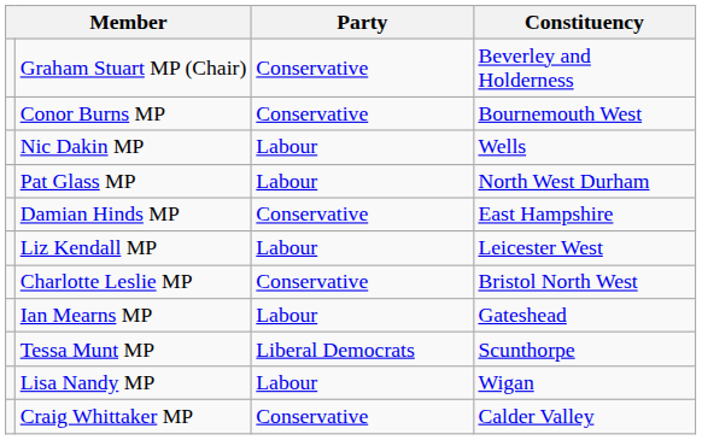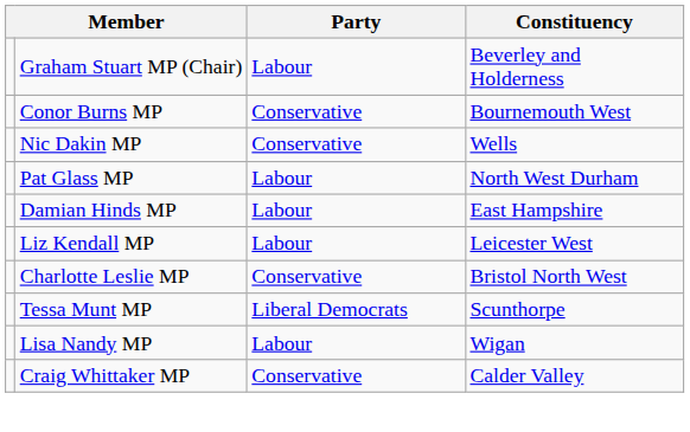 <table class="wikitable">
 <tr>
 <th width="160px" colspan="2" valign="top">Member</th>
 <th width="160px" valign="top">Party</th>
 <th width="160px" valign="top">Constituency</th>
 </tr>
 <tr>
 <td style="color:inherit;background:"></td>
 <td><a href='#'>Graham Stuart</a> MP (Chair)</td>
-<td><a href='#'>Conservative</a></td>
+<td><a href='#'>Labour</a></td>
 <td><a href='#'>Beverley and Holderness</a></td>
 </tr>
 <tr>
 <td style="color:inherit;background:"></td>
 <td><a href='#'>Conor Burns</a> MP</td>
 <td><a href='#'>Conservative</a></td>
 <td><a href='#'>Bournemouth West</a></td>
 </tr>
 <tr>
 <td style="color:inherit;background:"></td>
 <td><a href='#'>Nic Dakin</a> MP</td>
-<td><a href='#'>Labour</a></td>
+<td><a href='#'>Conservative</a></td>
 <td><a href='#'>Wells</a></td>
 </tr>
 <tr>
 <td style="color:inherit;background:"></td>
 <td><a href='#'>Pat Glass</a> MP</td>
 <td><a href='#'>Labour</a></td>
 <td><a href='#'>North West Durham</a></td>
 </tr>
 <tr>
 <td style="color:inherit;background:"></td>
 <td><a href='#'>Damian Hinds</a> MP</td>
-<td><a href='#'>Conservative</a></td>
+<td><a href='#'>Labour</a></td>
 <td><a href='#'>East Hampshire</a></td>
 </tr>
 <tr>
 <td style="color:inherit;background:"></td>
 <td><a href='#'>Liz Kendall</a> MP</td>
 <td><a href='#'>Labour</a></td>
 <td><a href='#'>Leicester West</a></td>
 </tr>
 <tr>
 <td style="color:inherit;background:"></td>
 <td><a href='#'>Charlotte Leslie</a> MP</td>
 <td><a href='#'>Conservative</a></td>
 <td><a href='#'>Bristol North West</a></td>
-</tr>
-<tr>
-<td style="color:inherit;background:"></td>
-<td><a href='#'>Ian Mearns</a> MP</td>
-<td><a href='#'>Labour</a></td>
-<td><a href='#'>Gateshead</a></td>
 </tr>
 <tr>
 <td style="color:inherit;background:"></td>
 <td><a href='#'>Tessa Munt</a> MP</td>
 <td><a href='#'>Liberal Democrats</a></td>
 <td><a href='#'>Scunthorpe</a></td>
 </tr>
 <tr>
 <td style="color:inherit;background:"></td>
 <td><a href='#'>Lisa Nandy</a> MP</td>
 <td><a href='#'>Labour</a></td>
 <td><a href='#'>Wigan</a></td>
 </tr>
 <tr>
 <td style="color:inherit;background:"></td>
 <td><a href='#'>Craig Whittaker</a> MP</td>
 <td><a href='#'>Conservative</a></td>
 <td><a href='#'>Calder Valley</a></td>
 </tr>
 </table>
